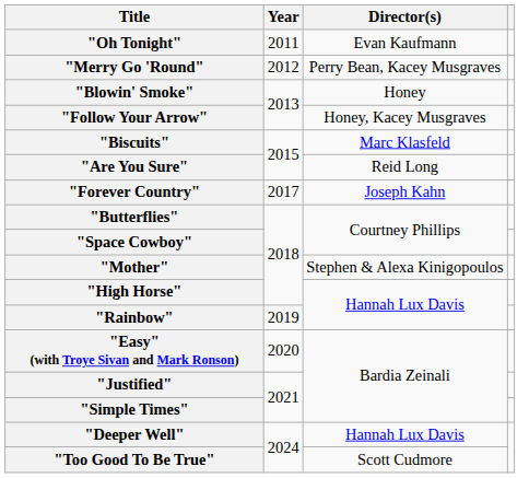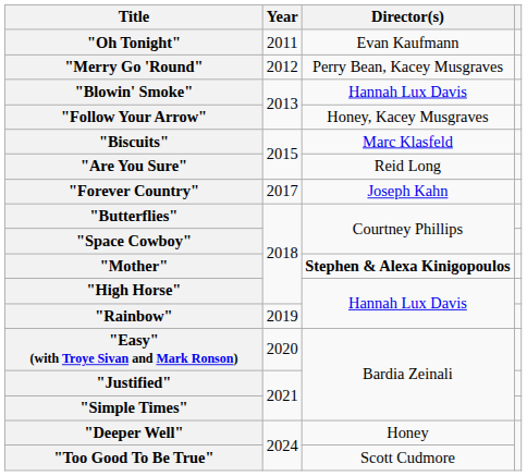 <table class="wikitable plainrowheaders" style="text-align:center;">
 <tr>
 <th scope="col" style="width:16em;">Title</th>
 <th scope="col">Year</th>
 <th scope="col">Director(s)</th>
 <th></th>
 </tr>
 <tr>
 <th scope="row">"Oh Tonight"<br></th>
 <td>2011</td>
 <td>Evan Kaufmann</td>
 <td></td>
 </tr>
 <tr>
 <th scope="row">"Merry Go 'Round"</th>
 <td>2012</td>
 <td>Perry Bean, Kacey Musgraves</td>
 <td></td>
 </tr>
 <tr>
 <th scope="row">"Blowin' Smoke"</th>
 <td rowspan="2">2013</td>
-<td>Honey</td>
+<td><a href='#'>Hannah Lux Davis</a></td>
 <td></td>
 </tr>
 <tr>
 <th scope="row">"Follow Your Arrow"</th>
 <td>Honey, Kacey Musgraves</td>
 <td></td>
 </tr>
 <tr>
 <th scope="row">"Biscuits"</th>
 <td rowspan="2">2015</td>
 <td><a href='#'>Marc Klasfeld</a></td>
 <td></td>
 </tr>
 <tr>
 <th scope="row">"Are You Sure"</th>
 <td>Reid Long</td>
 <td></td>
 </tr>
 <tr>
 <th scope="row">"Forever Country"<br></th>
 <td>2017</td>
 <td><a href='#'>Joseph Kahn</a></td>
 <td></td>
 </tr>
 <tr>
 <th scope="row">"Butterflies"</th>
 <td rowspan="4">2018</td>
 <td rowspan="2">Courtney Phillips</td>
 <td></td>
 </tr>
 <tr>
 <th scope="row">"Space Cowboy"</th>
 <td></td>
 </tr>
 <tr>
 <th scope="row">"Mother"</th>
-<td>Stephen & Alexa Kinigopoulos</td>
+<td><strong>Stephen & Alexa Kinigopoulos</strong></td>
 <td></td>
 </tr>
 <tr>
 <th scope="row">"High Horse"</th>
 <td rowspan="2"><a href='#'>Hannah Lux Davis</a></td>
 <td></td>
 </tr>
 <tr>
 <th scope="row">"Rainbow"</th>
 <td>2019</td>
 <td></td>
 </tr>
 <tr>
 <th scope="row">"Easy" <br> <small>(with <a href='#'>Troye Sivan</a> and <a href='#'>Mark Ronson</a>)</small></th>
 <td>2020</td>
 <td rowspan="3">Bardia Zeinali</td>
 <td></td>
 </tr>
 <tr>
 <th scope="row">"Justified"</th>
 <td rowspan="2">2021</td>
 <td></td>
 </tr>
 <tr>
 <th scope="row">"Simple Times"</th>
 <td></td>
 </tr>
 <tr>
 <th scope="row">"Deeper Well"</th>
 <td rowspan="2">2024</td>
-<td><a href='#'>Hannah Lux Davis</a></td>
+<td>Honey</td>
 </tr>
 <tr>
 <th scope="row">"Too Good To Be True"</th>
 <td rowspan="2">Scott Cudmore</td>
 </tr>
 </table>
